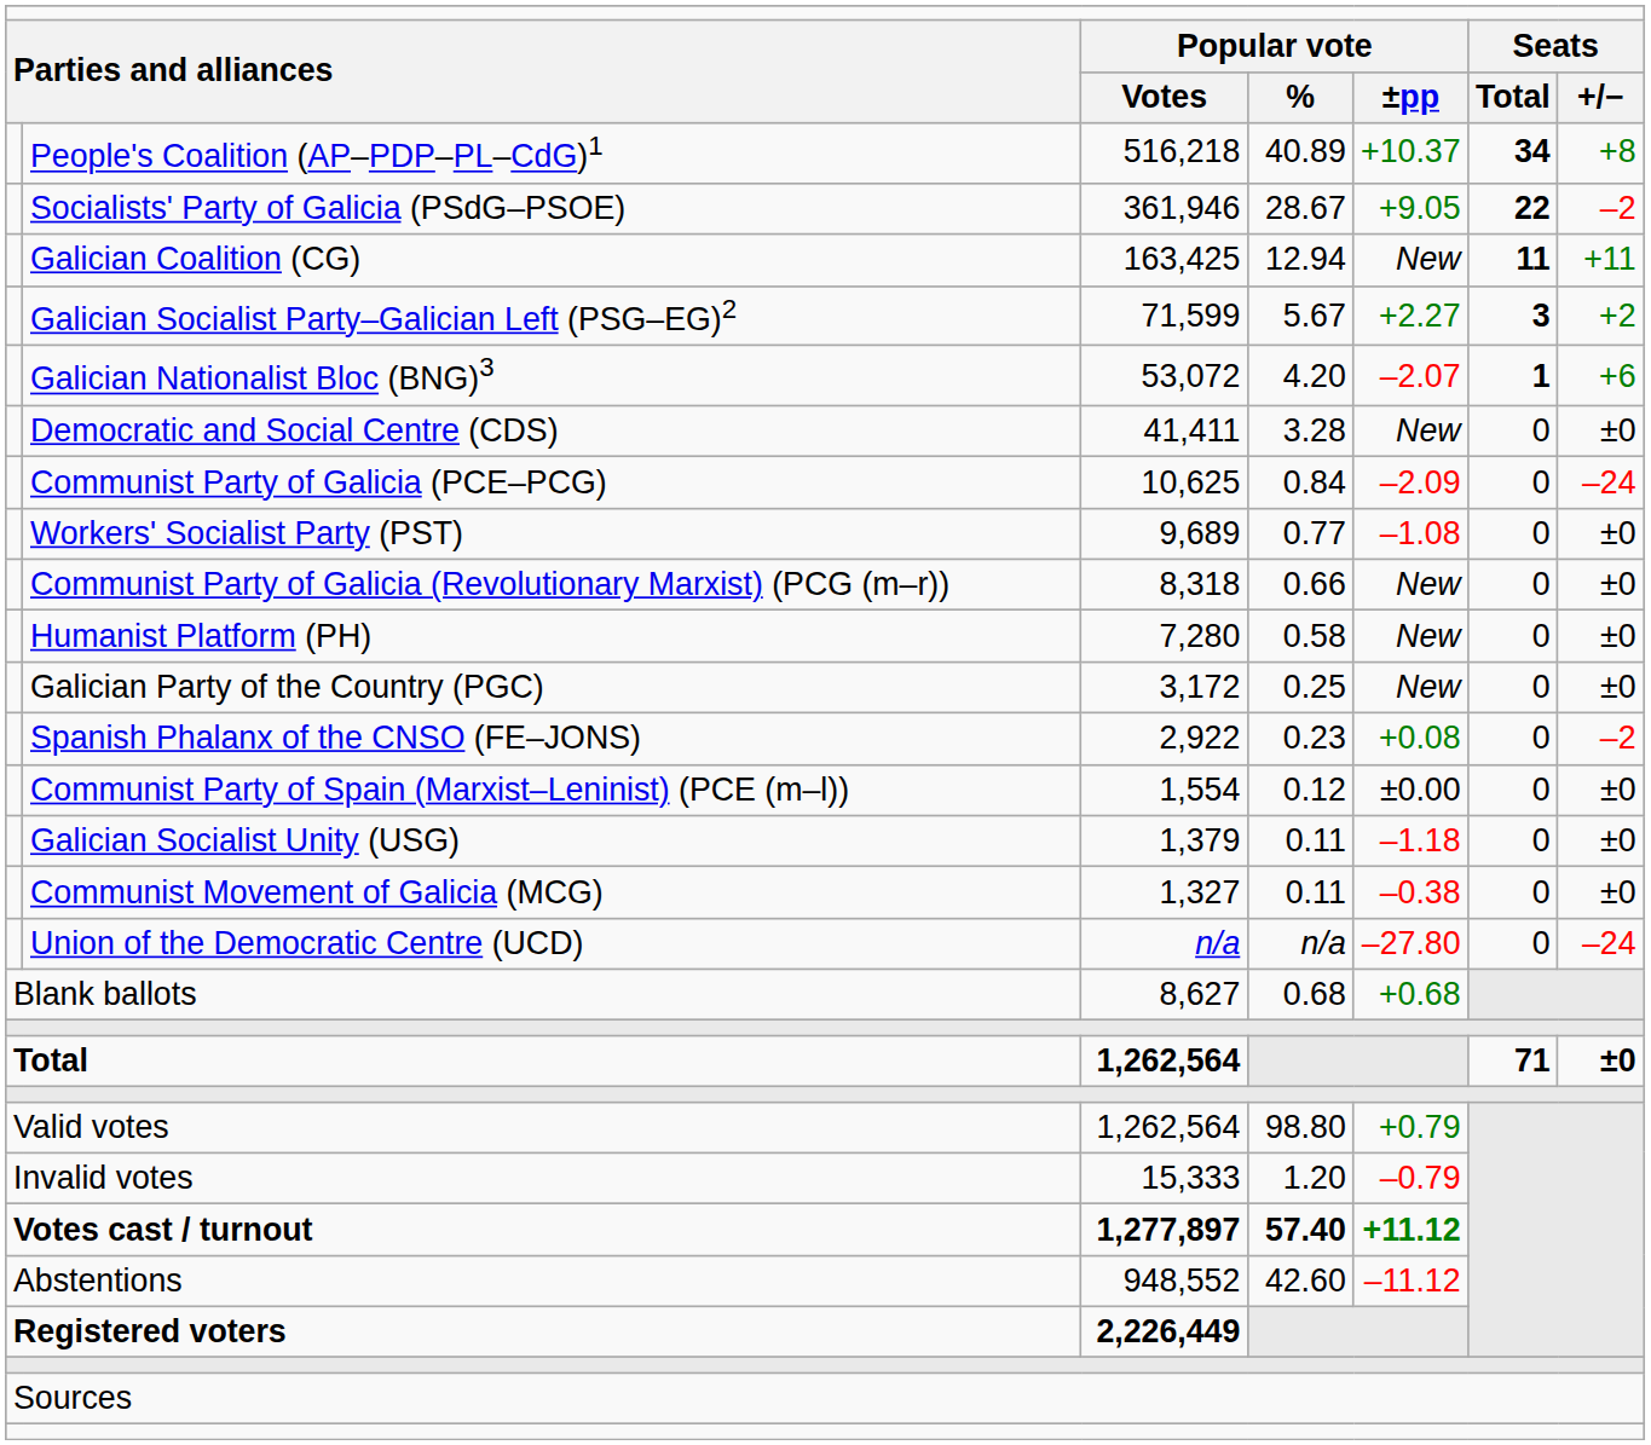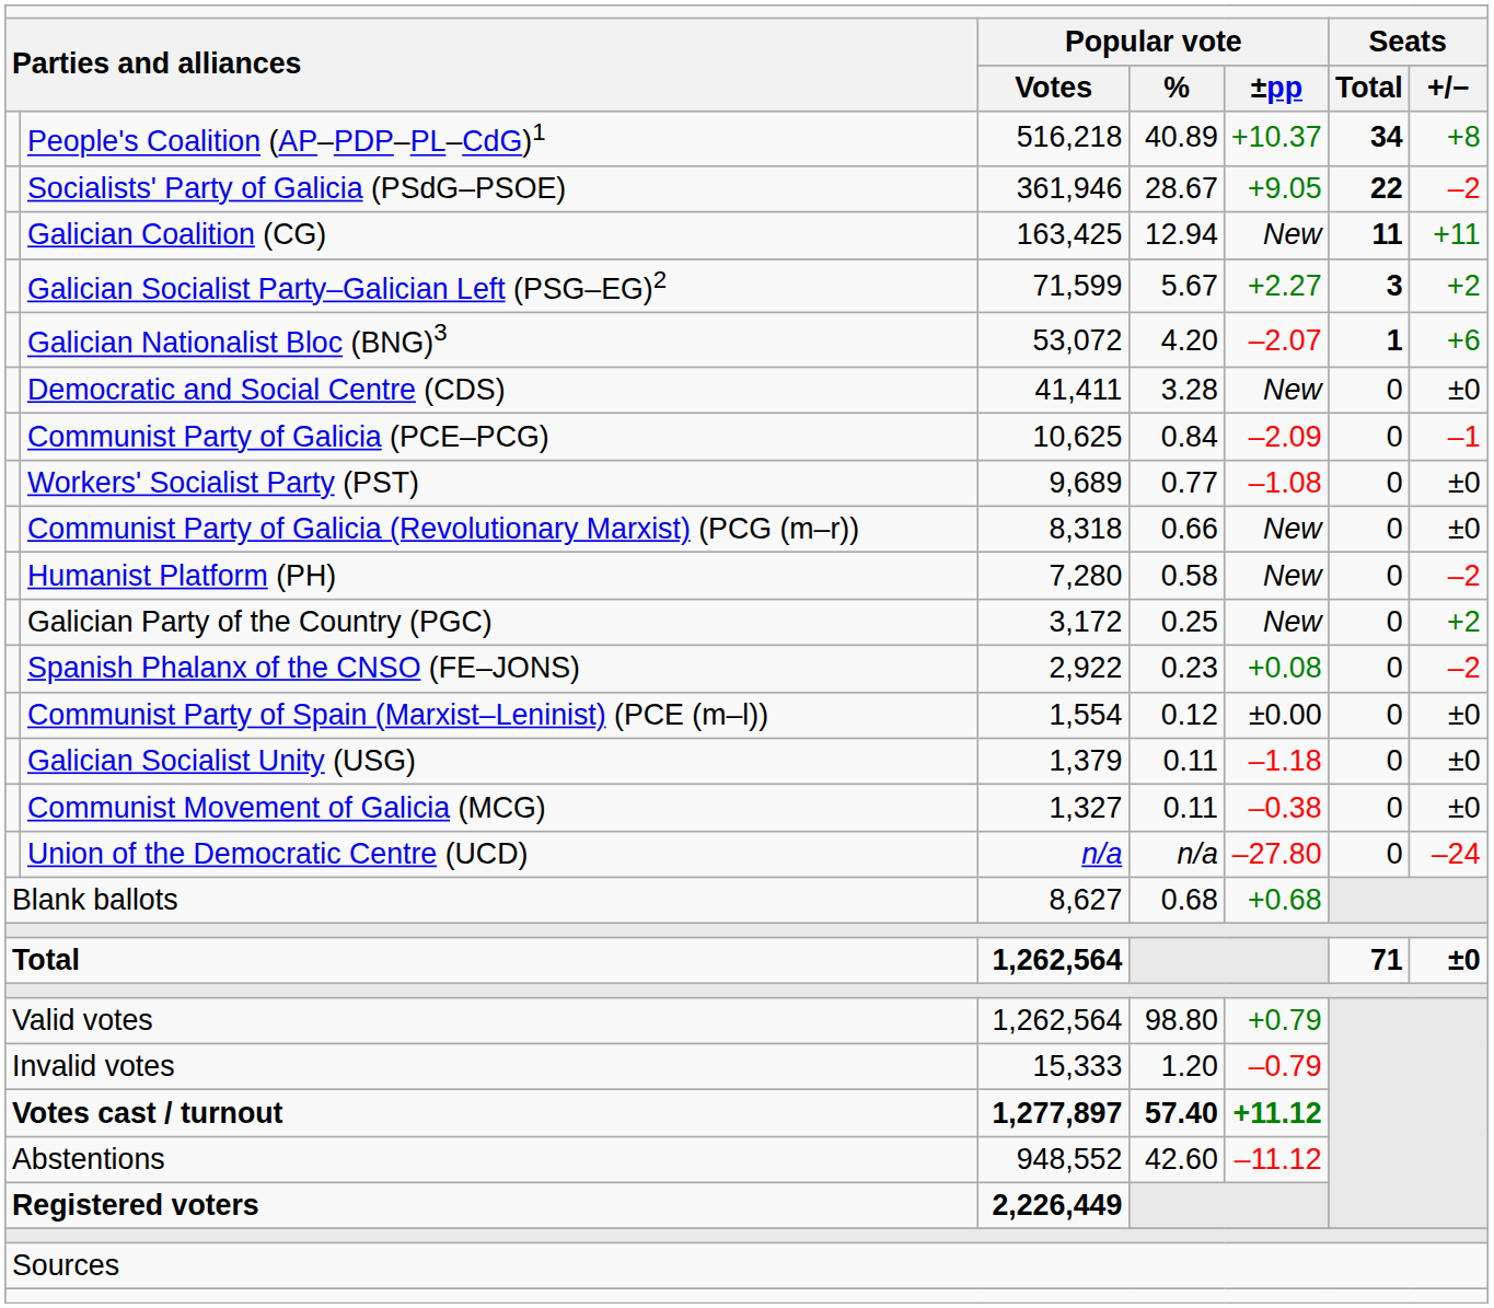 <table class="wikitable" style="text-align:right;">
 <tr>
 <td colspan="7"></td>
 </tr>
 <tr>
 <th style="text-align:left;" rowspan="2" colspan="2" width="525">Parties and alliances</th>
 <th colspan="3">Popular vote</th>
 <th colspan="2">Seats</th>
 </tr>
 <tr>
 <th width="75">Votes</th>
 <th width="45">%</th>
 <th width="45">±<a href='#'>pp</a></th>
 <th width="35">Total</th>
 <th width="35">+/−</th>
 </tr>
 <tr>
 <td width="1" style="color:inherit;background:"></td>
 <td align="left"><a href='#'>People's Coalition</a> (<a href='#'>AP</a>–<a href='#'>PDP</a>–<a href='#'>PL</a>–<a href='#'>CdG</a>)<sup>1</sup></td>
 <td>516,218</td>
 <td>40.89</td>
 <td style="color:green;">+10.37</td>
 <td><strong>34</strong></td>
 <td style="color:green;">+8</td>
 </tr>
 <tr>
 <td style="color:inherit;background:"></td>
 <td align="left"><a href='#'>Socialists' Party of Galicia</a> (PSdG–PSOE)</td>
 <td>361,946</td>
 <td>28.67</td>
 <td style="color:green;">+9.05</td>
 <td><strong>22</strong></td>
 <td style="color:red;">–2</td>
 </tr>
 <tr>
 <td style="color:inherit;background:"></td>
 <td align="left"><a href='#'>Galician Coalition</a> (CG)</td>
 <td>163,425</td>
 <td>12.94</td>
 <td><em>New</em></td>
 <td><strong>11</strong></td>
 <td style="color:green;">+11</td>
 </tr>
 <tr>
 <td style="color:inherit;background:"></td>
 <td align="left"><a href='#'>Galician Socialist Party–Galician Left</a> (PSG–EG)<sup>2</sup></td>
 <td>71,599</td>
 <td>5.67</td>
 <td style="color:green;">+2.27</td>
 <td><strong>3</strong></td>
 <td style="color:green;">+2</td>
 </tr>
 <tr>
 <td style="color:inherit;background:"></td>
 <td align="left"><a href='#'>Galician Nationalist Bloc</a> (BNG)<sup>3</sup></td>
 <td>53,072</td>
 <td>4.20</td>
 <td style="color:red;">–2.07</td>
 <td><strong>1</strong></td>
 <td style="color:green;">+6</td>
 </tr>
 <tr>
 <td style="color:inherit;background:"></td>
 <td align="left"><a href='#'>Democratic and Social Centre</a> (CDS)</td>
 <td>41,411</td>
 <td>3.28</td>
 <td><em>New</em></td>
 <td>0</td>
 <td>±0</td>
 </tr>
 <tr>
 <td style="color:inherit;background:"></td>
 <td align="left"><a href='#'>Communist Party of Galicia</a> (PCE–PCG)</td>
 <td>10,625</td>
 <td>0.84</td>
 <td style="color:red;">–2.09</td>
 <td>0</td>
-<td style="color:red;">–24</td>
+<td style="color:red;">–1</td>
 </tr>
 <tr>
 <td style="color:inherit;background:"></td>
 <td align="left"><a href='#'>Workers' Socialist Party</a> (PST)</td>
 <td>9,689</td>
 <td>0.77</td>
 <td style="color:red;">–1.08</td>
 <td>0</td>
 <td>±0</td>
 </tr>
 <tr>
 <td style="color:inherit;background:"></td>
 <td align="left"><a href='#'>Communist Party of Galicia (Revolutionary Marxist)</a> (PCG (m–r))</td>
 <td>8,318</td>
 <td>0.66</td>
 <td><em>New</em></td>
 <td>0</td>
 <td>±0</td>
 </tr>
 <tr>
 <td style="color:inherit;background:"></td>
 <td align="left"><a href='#'>Humanist Platform</a> (PH)</td>
 <td>7,280</td>
 <td>0.58</td>
 <td><em>New</em></td>
 <td>0</td>
-<td>±0</td>
+<td style="color:red;">–2</td>
 </tr>
 <tr>
 <td style="color:inherit;background:"></td>
 <td align="left">Galician Party of the Country (PGC)</td>
 <td>3,172</td>
 <td>0.25</td>
 <td><em>New</em></td>
 <td>0</td>
-<td>±0</td>
+<td style="color:green;">+2</td>
 </tr>
 <tr>
 <td style="color:inherit;background:"></td>
 <td align="left"><a href='#'>Spanish Phalanx of the CNSO</a> (FE–JONS)</td>
 <td>2,922</td>
 <td>0.23</td>
 <td style="color:green;">+0.08</td>
 <td>0</td>
 <td style="color:red;">–2</td>
 </tr>
 <tr>
 <td style="color:inherit;background:"></td>
 <td align="left"><a href='#'>Communist Party of Spain (Marxist–Leninist)</a> (PCE (m–l))</td>
 <td>1,554</td>
 <td>0.12</td>
 <td>±0.00</td>
 <td>0</td>
 <td>±0</td>
 </tr>
 <tr>
 <td style="color:inherit;background:"></td>
 <td align="left"><a href='#'>Galician Socialist Unity</a> (USG)</td>
 <td>1,379</td>
 <td>0.11</td>
 <td style="color:red;">–1.18</td>
 <td>0</td>
 <td>±0</td>
 </tr>
 <tr>
 <td style="color:inherit;background:"></td>
 <td align="left"><a href='#'>Communist Movement of Galicia</a> (MCG)</td>
 <td>1,327</td>
 <td>0.11</td>
 <td style="color:red;">–0.38</td>
 <td>0</td>
 <td>±0</td>
 </tr>
 <tr>
 <td style="color:inherit;background:"></td>
 <td align="left"><a href='#'>Union of the Democratic Centre</a> (UCD)</td>
 <td><em><a href='#'>n/a</a></em></td>
 <td><em>n/a</em></td>
 <td style="color:red;">–27.80</td>
 <td>0</td>
 <td style="color:red;">–24</td>
 </tr>
 <tr>
 <td align="left" colspan="2">Blank ballots</td>
 <td>8,627</td>
 <td>0.68</td>
 <td style="color:green;">+0.68</td>
 <td bgcolor="#E9E9E9" colspan="2"></td>
 </tr>
 <tr>
 <td colspan="7" bgcolor="#E9E9E9"></td>
 </tr>
 <tr style="font-weight:bold;">
 <td align="left" colspan="2">Total</td>
 <td>1,262,564</td>
 <td bgcolor="#E9E9E9" colspan="2"></td>
 <td>71</td>
 <td>±0</td>
 </tr>
 <tr>
 <td colspan="7" bgcolor="#E9E9E9"></td>
 </tr>
 <tr>
 <td align="left" colspan="2">Valid votes</td>
 <td>1,262,564</td>
 <td>98.80</td>
 <td style="color:green;">+0.79</td>
 <td bgcolor="#E9E9E9" colspan="7" rowspan="5"></td>
 </tr>
 <tr>
 <td align="left" colspan="2">Invalid votes</td>
 <td>15,333</td>
 <td>1.20</td>
 <td style="color:red;">–0.79</td>
 </tr>
 <tr style="font-weight:bold;">
 <td align="left" colspan="2">Votes cast / turnout</td>
 <td>1,277,897</td>
 <td>57.40</td>
 <td style="color:green;">+11.12</td>
 </tr>
 <tr>
 <td align="left" colspan="2">Abstentions</td>
 <td>948,552</td>
 <td>42.60</td>
 <td style="color:red;">–11.12</td>
 </tr>
 <tr style="font-weight:bold;">
 <td align="left" colspan="2">Registered voters</td>
 <td>2,226,449</td>
 <td bgcolor="#E9E9E9" colspan="2"></td>
 </tr>
 <tr>
 <td colspan="7" bgcolor="#E9E9E9"></td>
 </tr>
 <tr>
 <td align="left" colspan="7">Sources</td>
 </tr>
 <tr>
 <td colspan="7" style="text-align:left; max-width:790px;"></td>
 </tr>
 </table>
